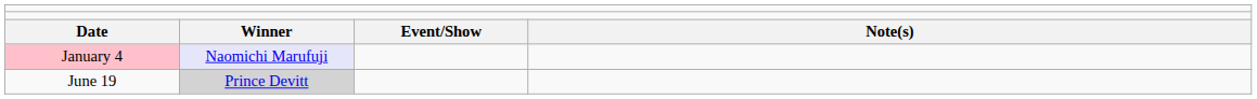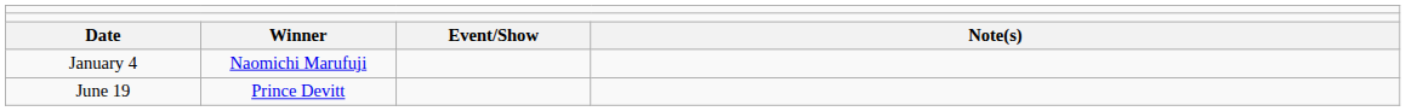 <table class="wikitable" style="text-align:center; width:100%;">
 <tr>
 <td colspan="5"></td>
 </tr>
 <tr>
 <td colspan="5"><strong></strong></td>
 </tr>
 <tr>
 <th width=14%>Date</th>
 <th width=14%>Winner</th>
 <th width=14%>Event/Show</th>
 <th width=58%>Note(s)</th>
 </tr>
 <tr>
-<td style="background: pink;">January 4</td>
-<td style="background: lavender;"><a href='#'>Naomichi Marufuji</a></td>
+<td>January 4</td>
+<td><a href='#'>Naomichi Marufuji</a></td>
 <td></td>
 <td align=left></td>
 </tr>
 <tr>
 <td>June 19</td>
-<td style="background: lightgrey;"><a href='#'>Prince Devitt</a></td>
+<td><a href='#'>Prince Devitt</a></td>
 <td></td>
 <td align=left></td>
 </tr>
 </table>
